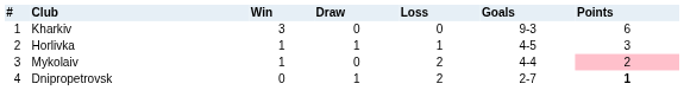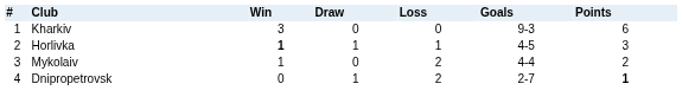 <table class="results" width="900px" cellpadding="2" cellspacing="0">
 <tr class="res_header" bgcolor="#E6EFF6">
 <td><div><strong>#</strong></div></td>
 <td><div><strong>Club</strong></div></td>
 <td><div><strong>Win</strong></div></td>
 <td><div><strong>Draw</strong></div></td>
 <td><div><strong>Loss</strong></div></td>
 <td><div><strong>Goals</strong></div></td>
 <td><div><strong>Points</strong></div></td>
 </tr>
 <tr>
 <td align="center">1</td>
 <td align="left">Kharkiv</td>
 <td align="center">3</td>
 <td align="center">0</td>
 <td align="center">0</td>
 <td align="center">9-3</td>
 <td align="center">6</td>
 </tr>
 <tr>
 <td align="center">2</td>
 <td align="left">Horlivka</td>
-<td align="center">1</td>
+<td align="center"><strong>1</strong></td>
 <td align="center">1</td>
 <td align="center">1</td>
 <td align="center">4-5</td>
 <td align="center">3</td>
 </tr>
 <tr>
 <td align="center">3</td>
 <td align="left">Mykolaiv</td>
 <td align="center">1</td>
 <td align="center">0</td>
 <td align="center">2</td>
 <td align="center">4-4</td>
-<td align="center" style="background: pink;">2</td>
+<td align="center">2</td>
 </tr>
 <tr>
 <td align="center">4</td>
 <td align="left">Dnipropetrovsk</td>
 <td align="center">0</td>
 <td align="center">1</td>
 <td align="center">2</td>
 <td align="center">2-7</td>
 <td align="center"><strong>1</strong></td>
 </tr>
 </table>
